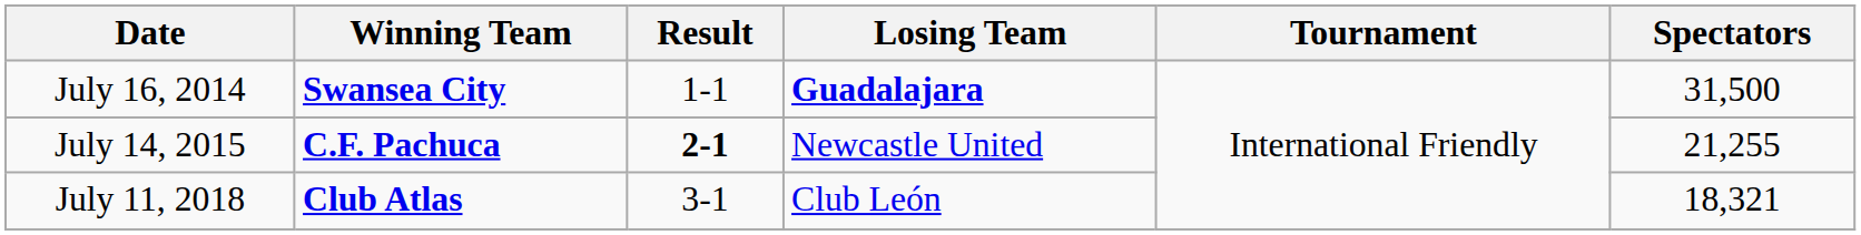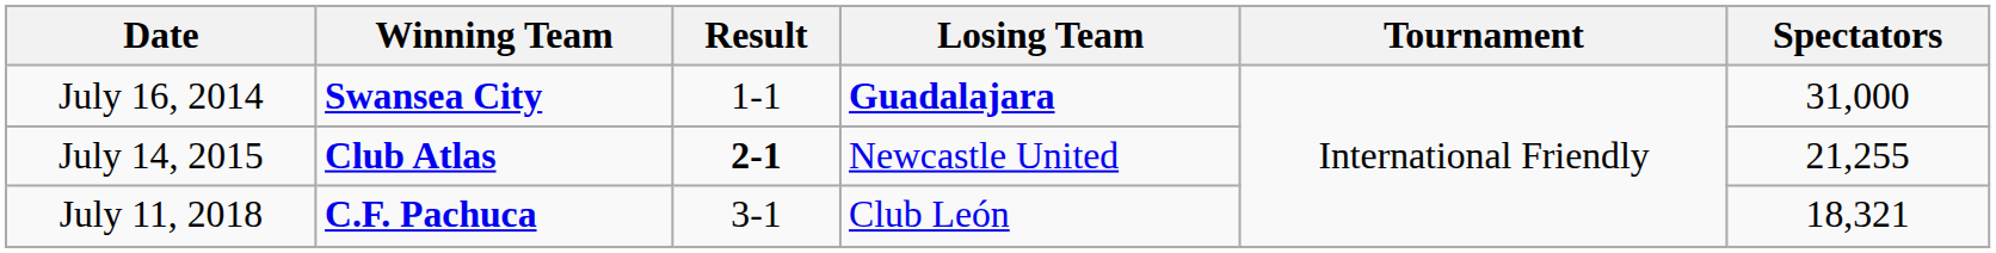 <table class="wikitable" style="text-align:left; width:95%;" style="text-align:center">
 <tr>
 <th style="text-align:center; ">Date</th>
 <th style="text-align:center; ">Winning Team</th>
 <th style="text-align:center; ">Result</th>
 <th style="text-align:center; ">Losing Team</th>
 <th style="text-align:center; ">Tournament</th>
 <th style="text-align:center; ">Spectators</th>
 </tr>
 <tr>
 <td style="text-align:center;">July 16, 2014</td>
 <td><strong> <a href='#'>Swansea City</a></strong></td>
 <td style="text-align:center;">1-1</td>
 <td><strong> <a href='#'>Guadalajara</a></strong></td>
 <td style="text-align:center;" rowspan=3>International Friendly</td>
-<td style="text-align:center;">31,500</td>
+<td style="text-align:center;">31,000</td>
 </tr>
 <tr>
 <td style="text-align:center;">July 14, 2015</td>
-<td><strong> <a href='#'>C.F. Pachuca</a></strong></td>
+<td><strong> <a href='#'>Club Atlas</a></strong></td>
 <td style="text-align:center;"><strong>2-1</strong></td>
 <td> <a href='#'>Newcastle United</a></td>
 <td style="text-align:center;">21,255</td>
 </tr>
 <tr>
 <td style="text-align:center;">July 11, 2018</td>
-<td><strong> <a href='#'>Club Atlas</a></strong></td>
+<td><strong> <a href='#'>C.F. Pachuca</a></strong></td>
 <td style="text-align:center;">3-1</td>
 <td> <a href='#'>Club León</a></td>
 <td style="text-align:center;">18,321</td>
 </tr>
 </table>
